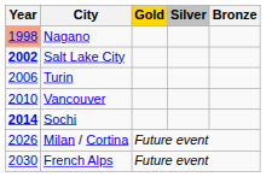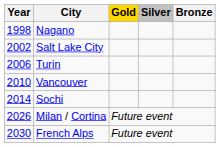 <table class="wikitable">
 <tr>
 <th>Year</th>
 <th>City</th>
 <th style="background-color:gold">Gold</th>
 <th style="background-color:silver">Silver</th>
 <th style="background-color:bronze">Bronze</th>
 </tr>
 <tr>
-<td style="background: lightsalmon;"><a href='#'>1998</a></td>
+<td><a href='#'>1998</a></td>
 <td> <a href='#'>Nagano</a></td>
 <td></td>
 <td></td>
 <td></td>
 </tr>
 <tr>
-<td><strong><a href='#'>2002</a></strong></td>
+<td><a href='#'>2002</a></td>
 <td> <a href='#'>Salt Lake City</a></td>
 <td></td>
 <td></td>
 <td></td>
 </tr>
 <tr>
 <td><a href='#'>2006</a></td>
 <td> <a href='#'>Turin</a></td>
 <td></td>
 <td></td>
 <td></td>
 </tr>
 <tr>
 <td><a href='#'>2010</a></td>
 <td> <a href='#'>Vancouver</a></td>
 <td></td>
 <td></td>
 <td></td>
 </tr>
 <tr>
-<td><strong><a href='#'>2014</a></strong></td>
+<td><a href='#'>2014</a></td>
 <td> <a href='#'>Sochi</a></td>
 <td></td>
 <td></td>
 <td></td>
 </tr>
 <tr>
 <td><a href='#'>2026</a></td>
 <td> <a href='#'>Milan</a> / <a href='#'>Cortina</a></td>
 <td colspan=3><em>Future event</em></td>
 </tr>
 <tr>
 <td><a href='#'>2030</a></td>
 <td> <a href='#'>French Alps</a></td>
 <td colspan=3><em>Future event</em></td>
 </tr>
 </table>
